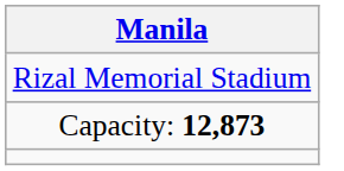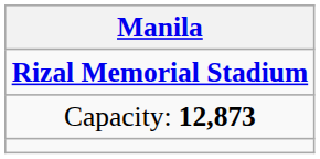 <table class="wikitable" style="text-align:center">
 <tr>
 <th> <a href='#'>Manila</a></th>
 </tr>
 <tr>
-<td><a href='#'>Rizal Memorial Stadium</a></td>
+<td><strong><a href='#'>Rizal Memorial Stadium</a></strong></td>
 </tr>
 <tr>
 <td>Capacity: <strong>12,873</strong></td>
 </tr>
 <tr>
 <td></td>
 </tr>
 </table>
